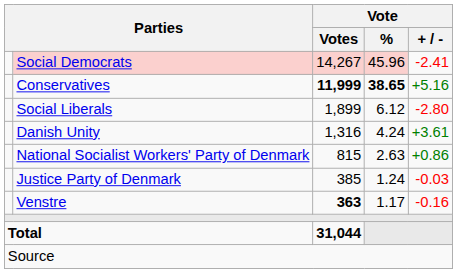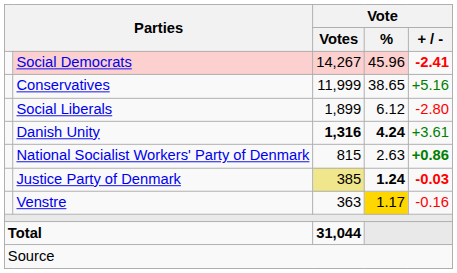 <table class="wikitable" style="text-align:right;">
 <tr>
 <th style="text-align:centre;" rowspan="2" colspan="2" width="225">Parties</th>
 <th colspan="3">Vote</th>
 </tr>
 <tr>
 <th width="15">Votes</th>
 <th width="15">%</th>
 <th width="15">+ / -</th>
 </tr>
 <tr>
 <td width="2" style="color:inherit;background:"></td>
 <td bgcolor=#fbd0ce  align="left"><a href='#'>Social Democrats</a></td>
 <td bgcolor=#fbd0ce>14,267</td>
 <td bgcolor=#fbd0ce>45.96</td>
-<td style=color:red;>-2.41</td>
+<td style=color:red;><strong>-2.41</strong></td>
 </tr>
 <tr>
 <td width="2" style="color:inherit;background:"></td>
 <td align="left"><a href='#'>Conservatives</a></td>
-<td><strong>11,999</strong></td>
-<td><strong>38.65</strong></td>
+<td>11,999</td>
+<td>38.65</td>
 <td style=color:green;>+5.16</td>
 </tr>
 <tr>
 <td width="2" style="color:inherit;background:"></td>
 <td align="left"><a href='#'>Social Liberals</a></td>
 <td>1,899</td>
 <td>6.12</td>
 <td style=color:red;>-2.80</td>
 </tr>
 <tr>
 <td width="2" style="color:inherit;background:"></td>
 <td align="left"><a href='#'>Danish Unity</a></td>
-<td>1,316</td>
-<td>4.24</td>
+<td><strong>1,316</strong></td>
+<td><strong>4.24</strong></td>
 <td style=color:green;>+3.61</td>
 </tr>
 <tr>
 <td width="2" style="color:inherit;background:"></td>
 <td align="left"><a href='#'>National Socialist Workers' Party of Denmark</a></td>
 <td>815</td>
 <td>2.63</td>
-<td style=color:green;>+0.86</td>
+<td style=color:green;><strong>+0.86</strong></td>
 </tr>
 <tr>
 <td width="2" style="color:inherit;background:"></td>
 <td align="left"><a href='#'>Justice Party of Denmark</a></td>
-<td>385</td>
-<td>1.24</td>
-<td style=color:red;>-0.03</td>
+<td style="background: khaki;">385</td>
+<td><strong>1.24</strong></td>
+<td style=color:red;><strong>-0.03</strong></td>
 </tr>
 <tr>
 <td width="2" style="color:inherit;background:"></td>
 <td align="left"><a href='#'>Venstre</a></td>
-<td><strong>363</strong></td>
-<td>1.17</td>
+<td>363</td>
+<td style="background: gold;">1.17</td>
 <td style=color:red;>-0.16</td>
 </tr>
 <tr>
 <td colspan="7" bgcolor="#E9E9E9"></td>
 </tr>
 <tr>
 <td align="left" colspan="2"><strong>Total</strong></td>
 <td><strong>31,044</strong></td>
 <td bgcolor="#E9E9E9" colspan="2"></td>
 </tr>
 <tr>
 <td align="left" colspan="6">Source</td>
 </tr>
 </table>
